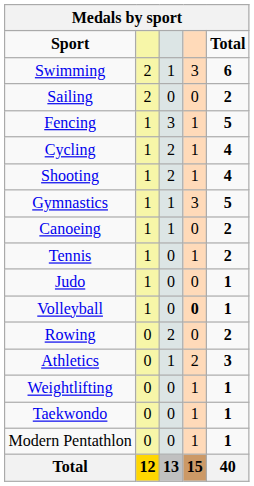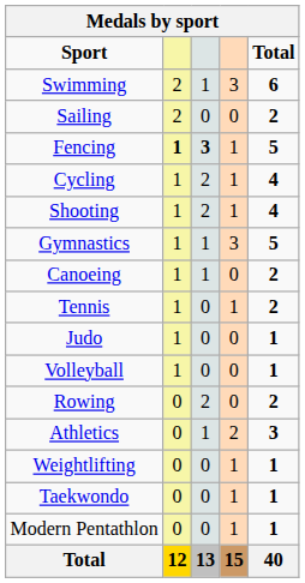 <table class="wikitable" style=font-size:85%;float:center;text-align:center>
 <tr style="background:#efefef;">
 <th colspan=5><strong>Medals by sport</strong></th>
 </tr>
 <tr align=center>
 <td><strong>Sport</strong></td>
 <td bgcolor=#f7f6a8></td>
 <td bgcolor=#dce5e5></td>
 <td bgcolor=#ffdab9></td>
 <td><strong>Total</strong></td>
 </tr>
 <tr align=center>
 <td><a href='#'>Swimming</a></td>
 <td style="background:#F7F6A8;">2</td>
 <td style="background:#DCE5E5;">1</td>
 <td style="background:#FFDAB9;">3</td>
 <td><strong>6</strong></td>
 </tr>
 <tr align=center>
 <td><a href='#'>Sailing</a></td>
 <td style="background:#F7F6A8;">2</td>
 <td style="background:#DCE5E5;">0</td>
 <td style="background:#FFDAB9;">0</td>
 <td><strong>2</strong></td>
 </tr>
 <tr align=center>
 <td><a href='#'>Fencing</a></td>
-<td style="background:#F7F6A8;">1</td>
-<td style="background:#DCE5E5;">3</td>
+<td style="background:#F7F6A8;"><strong>1</strong></td>
+<td style="background:#DCE5E5;"><strong>3</strong></td>
 <td style="background:#FFDAB9;">1</td>
 <td><strong>5</strong></td>
 </tr>
 <tr align=center>
 <td><a href='#'>Cycling</a></td>
 <td style="background:#F7F6A8;">1</td>
 <td style="background:#DCE5E5;">2</td>
 <td style="background:#FFDAB9;">1</td>
 <td><strong>4</strong></td>
 </tr>
 <tr align=center>
 <td><a href='#'>Shooting</a></td>
 <td style="background:#F7F6A8;">1</td>
 <td style="background:#DCE5E5;">2</td>
 <td style="background:#FFDAB9;">1</td>
 <td><strong>4</strong></td>
 </tr>
 <tr align=center>
 <td><a href='#'>Gymnastics</a></td>
 <td style="background:#F7F6A8;">1</td>
 <td style="background:#DCE5E5;">1</td>
 <td style="background:#FFDAB9;">3</td>
 <td><strong>5</strong></td>
 </tr>
 <tr align=center>
 <td><a href='#'>Canoeing</a></td>
 <td style="background:#F7F6A8;">1</td>
 <td style="background:#DCE5E5;">1</td>
 <td style="background:#FFDAB9;">0</td>
 <td><strong>2</strong></td>
 </tr>
 <tr align=center>
 <td><a href='#'>Tennis</a></td>
 <td style="background:#F7F6A8;">1</td>
 <td style="background:#DCE5E5;">0</td>
 <td style="background:#FFDAB9;">1</td>
 <td><strong>2</strong></td>
 </tr>
 <tr align=center>
 <td><a href='#'>Judo</a></td>
 <td style="background:#F7F6A8;">1</td>
 <td style="background:#DCE5E5;">0</td>
 <td style="background:#FFDAB9;">0</td>
 <td><strong>1</strong></td>
 </tr>
 <tr align=center>
 <td><a href='#'>Volleyball</a></td>
 <td style="background:#F7F6A8;">1</td>
 <td style="background:#DCE5E5;">0</td>
-<td style="background:#FFDAB9;"><strong>0</strong></td>
+<td style="background:#FFDAB9;">0</td>
 <td><strong>1</strong></td>
 </tr>
 <tr align=center>
 <td><a href='#'>Rowing</a></td>
 <td style="background:#F7F6A8;">0</td>
 <td style="background:#DCE5E5;">2</td>
 <td style="background:#FFDAB9;">0</td>
 <td><strong>2</strong></td>
 </tr>
 <tr align=center>
 <td><a href='#'>Athletics</a></td>
 <td style="background:#F7F6A8;">0</td>
 <td style="background:#DCE5E5;">1</td>
 <td style="background:#FFDAB9;">2</td>
 <td><strong>3</strong></td>
 </tr>
 <tr align=center>
 <td><a href='#'>Weightlifting</a></td>
 <td style="background:#F7F6A8;">0</td>
 <td style="background:#DCE5E5;">0</td>
 <td style="background:#FFDAB9;">1</td>
 <td><strong>1</strong></td>
 </tr>
 <tr align=center>
 <td><a href='#'>Taekwondo</a></td>
 <td style="background:#F7F6A8;">0</td>
 <td style="background:#DCE5E5;">0</td>
 <td style="background:#FFDAB9;">1</td>
 <td><strong>1</strong></td>
 </tr>
 <tr align=center>
 <td>Modern Pentathlon</td>
 <td style="background:#F7F6A8;">0</td>
 <td style="background:#DCE5E5;">0</td>
 <td style="background:#FFDAB9;">1</td>
 <td><strong>1</strong></td>
 </tr>
 <tr align=center>
 <th><strong>Total</strong></th>
 <th style="background:gold;"><strong>12</strong></th>
 <th style="background:silver;"><strong>13</strong></th>
 <th style="background:#c96;"><strong>15</strong></th>
 <th><strong>40</strong></th>
 </tr>
 </table>
